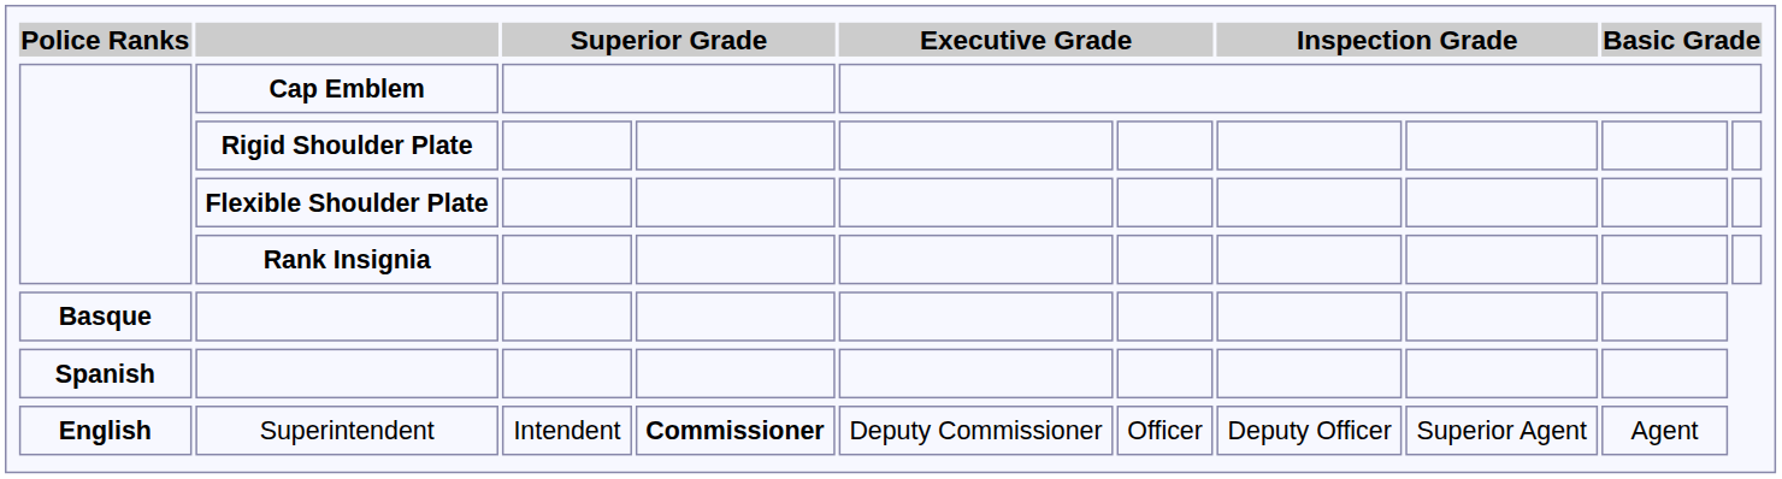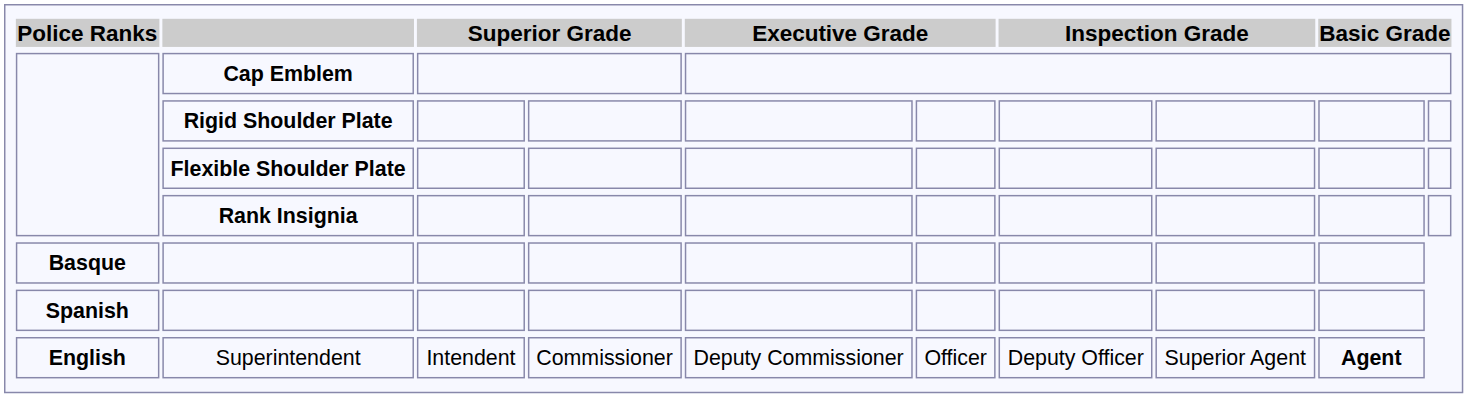 <table style="border:1px solid #8888aa; background-color:#f7f8ff; padding:5px; font-size:95%; margin:0px 12px 12px 0px;">
 <tr>
 </tr>
 <tr bgcolor="#CCCCCC">
 <th><strong>Police Ranks</strong></th>
 <th colspan=1></th>
 <th colspan=2>Superior Grade</th>
 <th colspan=2>Executive Grade</th>
 <th colspan=2>Inspection Grade</th>
 <th colspan=2>Basic Grade</th>
 </tr>
 <tr>
 </tr>
 <tr>
 <td align="center" rowspan=7 style="border:1px solid #8888aa; background-color:#f7f8ff; padding:5px; font-size:95%; margin:0px 12px 12px 0px;"><strong></strong></td>
 <td align="center" colspan=1 style="border:1px solid #8888aa; background-color:#f7f8ff; padding:5px; font-size:95%; margin:0px 12px 12px 0px;"><strong>Cap Emblem</strong></td>
 <td align="center" colspan=2 style="border:1px solid #8888aa; background-color:#f7f8ff; padding:5px; font-size:95%; margin:0px 12px 12px 0px;"></td>
 <td align="center" colspan=6 style="border:1px solid #8888aa; background-color:#f7f8ff; padding:5px; font-size:95%; margin:0px 12px 12px 0px;"></td>
 </tr>
 <tr rowspan="2">
 </tr>
 <tr align="center">
 <td align="center" colspan=1 style="border:1px solid #8888aa; background-color:#f7f8ff; padding:5px; font-size:95%; margin:0px 12px 12px 0px;"><strong>Rigid Shoulder Plate</strong></td>
 <td align="center" colspan=1 style="border:1px solid #8888aa; background-color:#f7f8ff; padding:5px; font-size:95%; margin:0px 12px 12px 0px;"></td>
 <td align="center" colspan=1 style="border:1px solid #8888aa; background-color:#f7f8ff; padding:5px; font-size:95%; margin:0px 12px 12px 0px;"></td>
 <td align="center" colspan=1 style="border:1px solid #8888aa; background-color:#f7f8ff; padding:5px; font-size:95%; margin:0px 12px 12px 0px;"></td>
 <td align="center" colspan=1 style="border:1px solid #8888aa; background-color:#f7f8ff; padding:5px; font-size:95%; margin:0px 12px 12px 0px;"></td>
 <td align="center" colspan=1 style="border:1px solid #8888aa; background-color:#f7f8ff; padding:5px; font-size:95%; margin:0px 12px 12px 0px;"></td>
 <td align="center" colspan=1 style="border:1px solid #8888aa; background-color:#f7f8ff; padding:5px; font-size:95%; margin:0px 12px 12px 0px;"></td>
 <td align="center" colspan=1 style="border:1px solid #8888aa; background-color:#f7f8ff; padding:5px; font-size:95%; margin:0px 12px 12px 0px;"></td>
 <td align="center" colspan=1 style="border:1px solid #8888aa; background-color:#f7f8ff; padding:5px; font-size:95%; margin:0px 12px 12px 0px;"></td>
 </tr>
 <tr rowspan="2">
 </tr>
 <tr align="center">
 <td align="center" colspan=1 style="border:1px solid #8888aa; background-color:#f7f8ff; padding:5px; font-size:95%; margin:0px 12px 12px 0px;"><strong>Flexible Shoulder Plate</strong></td>
 <td align="center" colspan=1 style="border:1px solid #8888aa; background-color:#f7f8ff; padding:5px; font-size:95%; margin:0px 12px 12px 0px;"></td>
 <td align="center" colspan=1 style="border:1px solid #8888aa; background-color:#f7f8ff; padding:5px; font-size:95%; margin:0px 12px 12px 0px;"></td>
 <td align="center" colspan=1 style="border:1px solid #8888aa; background-color:#f7f8ff; padding:5px; font-size:95%; margin:0px 12px 12px 0px;"></td>
 <td align="center" colspan=1 style="border:1px solid #8888aa; background-color:#f7f8ff; padding:5px; font-size:95%; margin:0px 12px 12px 0px;"></td>
 <td align="center" colspan=1 style="border:1px solid #8888aa; background-color:#f7f8ff; padding:5px; font-size:95%; margin:0px 12px 12px 0px;"></td>
 <td align="center" colspan=1 style="border:1px solid #8888aa; background-color:#f7f8ff; padding:5px; font-size:95%; margin:0px 12px 12px 0px;"></td>
 <td align="center" colspan=1 style="border:1px solid #8888aa; background-color:#f7f8ff; padding:5px; font-size:95%; margin:0px 12px 12px 0px;"></td>
 <td align="center" colspan=1 style="border:1px solid #8888aa; background-color:#f7f8ff; padding:5px; font-size:95%; margin:0px 12px 12px 0px;"></td>
 </tr>
 <tr rowspan="2">
 </tr>
 <tr align="center">
 <td align="center" colspan=1 style="border:1px solid #8888aa; background-color:#f7f8ff; padding:5px; font-size:95%; margin:0px 12px 12px 0px;"><strong>Rank Insignia</strong></td>
 <td align="center" colspan=1 style="border:1px solid #8888aa; background-color:#f7f8ff; padding:5px; font-size:95%; margin:0px 12px 12px 0px;"></td>
 <td align="center" colspan=1 style="border:1px solid #8888aa; background-color:#f7f8ff; padding:5px; font-size:95%; margin:0px 12px 12px 0px;"></td>
 <td align="center" colspan=1 style="border:1px solid #8888aa; background-color:#f7f8ff; padding:5px; font-size:95%; margin:0px 12px 12px 0px;"></td>
 <td align="center" colspan=1 style="border:1px solid #8888aa; background-color:#f7f8ff; padding:5px; font-size:95%; margin:0px 12px 12px 0px;"></td>
 <td align="center" colspan=1 style="border:1px solid #8888aa; background-color:#f7f8ff; padding:5px; font-size:95%; margin:0px 12px 12px 0px;"></td>
 <td align="center" colspan=1 style="border:1px solid #8888aa; background-color:#f7f8ff; padding:5px; font-size:95%; margin:0px 12px 12px 0px;"></td>
 <td align="center" colspan=1 style="border:1px solid #8888aa; background-color:#f7f8ff; padding:5px; font-size:95%; margin:0px 12px 12px 0px;"></td>
 <td align="center" colspan=1 style="border:1px solid #8888aa; background-color:#f7f8ff; padding:5px; font-size:95%; margin:0px 12px 12px 0px;"></td>
 </tr>
 <tr rowspan="2">
 </tr>
 <tr align="center">
 <td align="center" colspan=1 style="border:1px solid #8888aa; background-color:#f7f8ff; padding:5px; font-size:95%; margin:0px 12px 12px 0px;"><strong>Basque</strong></td>
 <td align="center" colspan=1 style="border:1px solid #8888aa; background-color:#f7f8ff; padding:5px; font-size:95%; margin:0px 12px 12px 0px;"></td>
 <td align="center" colspan=1 style="border:1px solid #8888aa; background-color:#f7f8ff; padding:5px; font-size:95%; margin:0px 12px 12px 0px;"></td>
 <td align="center" colspan=1 style="border:1px solid #8888aa; background-color:#f7f8ff; padding:5px; font-size:95%; margin:0px 12px 12px 0px;"></td>
 <td align="center" colspan=1 style="border:1px solid #8888aa; background-color:#f7f8ff; padding:5px; font-size:95%; margin:0px 12px 12px 0px;"></td>
 <td align="center" colspan=1 style="border:1px solid #8888aa; background-color:#f7f8ff; padding:5px; font-size:95%; margin:0px 12px 12px 0px;"></td>
 <td align="center" colspan=1 style="border:1px solid #8888aa; background-color:#f7f8ff; padding:5px; font-size:95%; margin:0px 12px 12px 0px;"></td>
 <td align="center" colspan=1 style="border:1px solid #8888aa; background-color:#f7f8ff; padding:5px; font-size:95%; margin:0px 12px 12px 0px;"></td>
 <td align="center" colspan=1 style="border:1px solid #8888aa; background-color:#f7f8ff; padding:5px; font-size:95%; margin:0px 12px 12px 0px;"></td>
 </tr>
 <tr rowspan="2">
 </tr>
 <tr align="center">
 <td align="center" colspan=1 style="border:1px solid #8888aa; background-color:#f7f8ff; padding:5px; font-size:95%; margin:0px 12px 12px 0px;"><strong>Spanish</strong></td>
 <td align="center" colspan=1 style="border:1px solid #8888aa; background-color:#f7f8ff; padding:5px; font-size:95%; margin:0px 12px 12px 0px;"></td>
 <td align="center" colspan=1 style="border:1px solid #8888aa; background-color:#f7f8ff; padding:5px; font-size:95%; margin:0px 12px 12px 0px;"></td>
 <td align="center" colspan=1 style="border:1px solid #8888aa; background-color:#f7f8ff; padding:5px; font-size:95%; margin:0px 12px 12px 0px;"></td>
 <td align="center" colspan=1 style="border:1px solid #8888aa; background-color:#f7f8ff; padding:5px; font-size:95%; margin:0px 12px 12px 0px;"></td>
 <td align="center" colspan=1 style="border:1px solid #8888aa; background-color:#f7f8ff; padding:5px; font-size:95%; margin:0px 12px 12px 0px;"></td>
 <td align="center" colspan=1 style="border:1px solid #8888aa; background-color:#f7f8ff; padding:5px; font-size:95%; margin:0px 12px 12px 0px;"></td>
 <td align="center" colspan=1 style="border:1px solid #8888aa; background-color:#f7f8ff; padding:5px; font-size:95%; margin:0px 12px 12px 0px;"></td>
 <td align="center" colspan=1 style="border:1px solid #8888aa; background-color:#f7f8ff; padding:5px; font-size:95%; margin:0px 12px 12px 0px;"></td>
 </tr>
 <tr rowspan="2">
 </tr>
 <tr align="center">
 <td align="center" colspan=1 style="border:1px solid #8888aa; background-color:#f7f8ff; padding:5px; font-size:95%; margin:0px 12px 12px 0px;"><strong>English</strong></td>
 <td align="center" colspan=1 style="border:1px solid #8888aa; background-color:#f7f8ff; padding:5px; font-size:95%; margin:0px 12px 12px 0px;">Superintendent</td>
 <td align="center" colspan=1 style="border:1px solid #8888aa; background-color:#f7f8ff; padding:5px; font-size:95%; margin:0px 12px 12px 0px;">Intendent</td>
-<td align="center" colspan=1 style="border:1px solid #8888aa; background-color:#f7f8ff; padding:5px; font-size:95%; margin:0px 12px 12px 0px;"><strong>Commissioner</strong></td>
+<td align="center" colspan=1 style="border:1px solid #8888aa; background-color:#f7f8ff; padding:5px; font-size:95%; margin:0px 12px 12px 0px;">Commissioner</td>
 <td align="center" colspan=1 style="border:1px solid #8888aa; background-color:#f7f8ff; padding:5px; font-size:95%; margin:0px 12px 12px 0px;">Deputy Commissioner</td>
 <td align="center" colspan=1 style="border:1px solid #8888aa; background-color:#f7f8ff; padding:5px; font-size:95%; margin:0px 12px 12px 0px;">Officer</td>
 <td align="center" colspan=1 style="border:1px solid #8888aa; background-color:#f7f8ff; padding:5px; font-size:95%; margin:0px 12px 12px 0px;">Deputy Officer</td>
 <td align="center" colspan=1 style="border:1px solid #8888aa; background-color:#f7f8ff; padding:5px; font-size:95%; margin:0px 12px 12px 0px;">Superior Agent</td>
-<td align="center" colspan=1 style="border:1px solid #8888aa; background-color:#f7f8ff; padding:5px; font-size:95%; margin:0px 12px 12px 0px;">Agent</td>
+<td align="center" colspan=1 style="border:1px solid #8888aa; background-color:#f7f8ff; padding:5px; font-size:95%; margin:0px 12px 12px 0px;"><strong>Agent</strong></td>
 </tr>
 <tr>
 </tr>
 </table>
